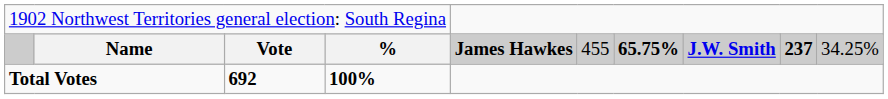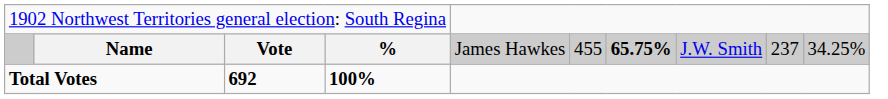 <table class="wikitable">
 <tr>
 <td colspan=4 align=center><a href='#'>1902 Northwest Territories general election</a>: <a href='#'>South Regina</a></td>
 </tr>
 <tr bgcolor="CCCCCC">
 <td></td>
 <th><strong>Name </strong></th>
 <th><strong>Vote</strong></th>
 <th><strong>%</strong><br></th>
-<td><strong>James Hawkes</strong></td>
+<td>James Hawkes</td>
 <td>455</td>
 <td><strong>65.75%<br></strong></td>
-<td><strong><a href='#'>J.W. Smith</a></strong></td>
-<td><strong>237</strong></td>
+<td><a href='#'>J.W. Smith</a></td>
+<td>237</td>
 <td>34.25%</td>
 </tr>
 <tr>
 <td colspan=2><strong>Total Votes</strong></td>
 <td><strong>692</strong></td>
 <td alignment="left"><strong>100%</strong></td>
 </tr>
 </table>
